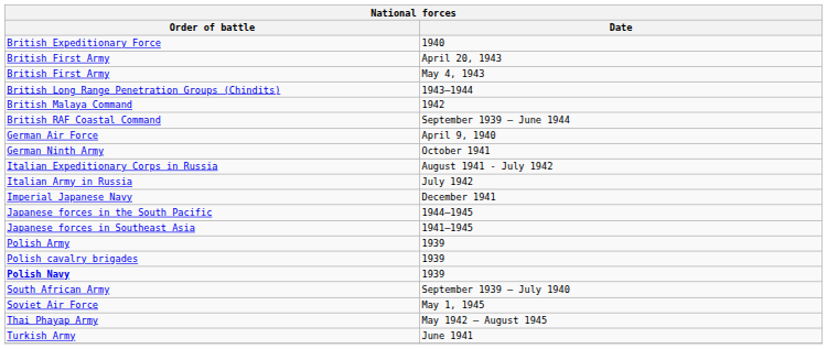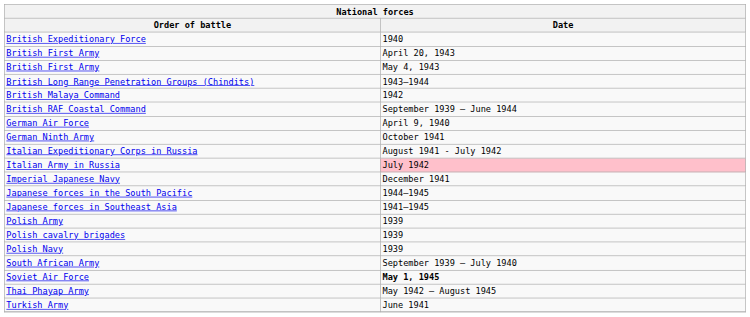 <table class="wikitable">
 <tr>
 <th colspan = "2" align="center">National forces</th>
 </tr>
 <tr>
 <th style="width: 34%;">Order of battle</th>
 <th style="width: 33%;">Date</th>
 </tr>
 <tr>
 <td><a href='#'>British Expeditionary Force</a></td>
 <td>1940</td>
 </tr>
 <tr>
 <td><a href='#'>British First Army</a></td>
 <td>April 20, 1943</td>
 </tr>
 <tr>
 <td><a href='#'>British First Army</a></td>
 <td>May 4, 1943</td>
 </tr>
 <tr>
 <td><a href='#'>British Long Range Penetration Groups (Chindits)</a></td>
 <td>1943–1944</td>
 </tr>
 <tr>
 <td><a href='#'>British Malaya Command</a></td>
 <td>1942</td>
 </tr>
 <tr>
 <td><a href='#'>British RAF Coastal Command</a></td>
 <td>September 1939 – June 1944</td>
 </tr>
 <tr>
 <td><a href='#'>German Air Force</a></td>
 <td>April 9, 1940</td>
 </tr>
 <tr>
 <td><a href='#'>German Ninth Army</a></td>
 <td>October 1941</td>
 </tr>
 <tr>
 <td><a href='#'>Italian Expeditionary Corps in Russia</a></td>
 <td>August 1941 - July 1942</td>
 </tr>
 <tr>
 <td><a href='#'>Italian Army in Russia</a></td>
-<td>July 1942</td>
+<td style="background: pink;">July 1942</td>
 </tr>
 <tr>
 <td><a href='#'>Imperial Japanese Navy</a></td>
 <td>December 1941</td>
 </tr>
 <tr>
 <td><a href='#'>Japanese forces in the South Pacific</a></td>
 <td>1944–1945</td>
 </tr>
 <tr>
 <td><a href='#'>Japanese forces in Southeast Asia</a></td>
 <td>1941–1945</td>
 </tr>
 <tr>
 <td><a href='#'>Polish Army</a></td>
 <td>1939</td>
 </tr>
 <tr>
 <td><a href='#'>Polish cavalry brigades</a></td>
 <td>1939</td>
 </tr>
 <tr>
-<td><strong><a href='#'>Polish Navy</a></strong></td>
+<td><a href='#'>Polish Navy</a></td>
 <td>1939</td>
 </tr>
 <tr>
 <td><a href='#'>South African Army</a></td>
 <td>September 1939 – July 1940</td>
 </tr>
 <tr>
 <td><a href='#'>Soviet Air Force</a></td>
-<td>May 1, 1945</td>
+<td><strong>May 1, 1945</strong></td>
 </tr>
 <tr>
 <td><a href='#'>Thai Phayap Army</a></td>
 <td>May 1942 – August 1945</td>
 </tr>
 <tr>
 <td><a href='#'>Turkish Army</a></td>
 <td>June 1941</td>
 </tr>
 <tr>
 </tr>
 </table>
